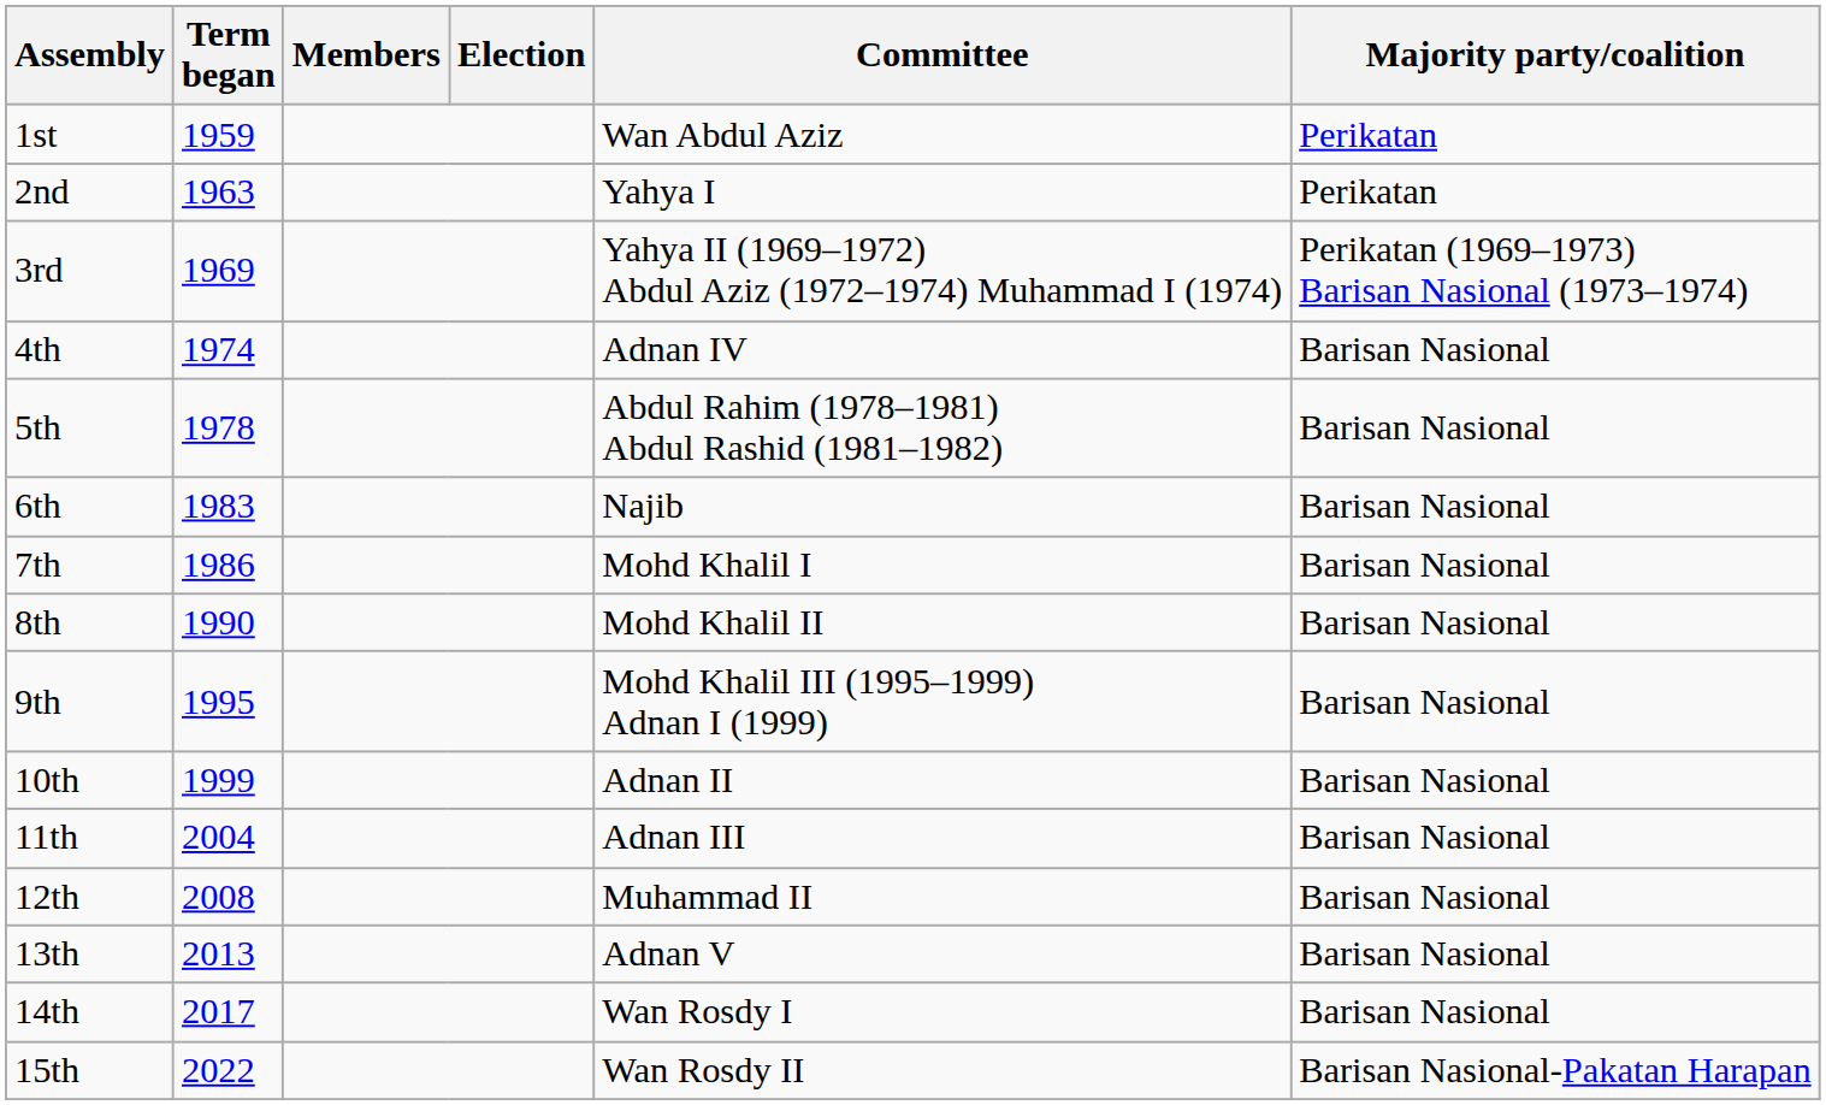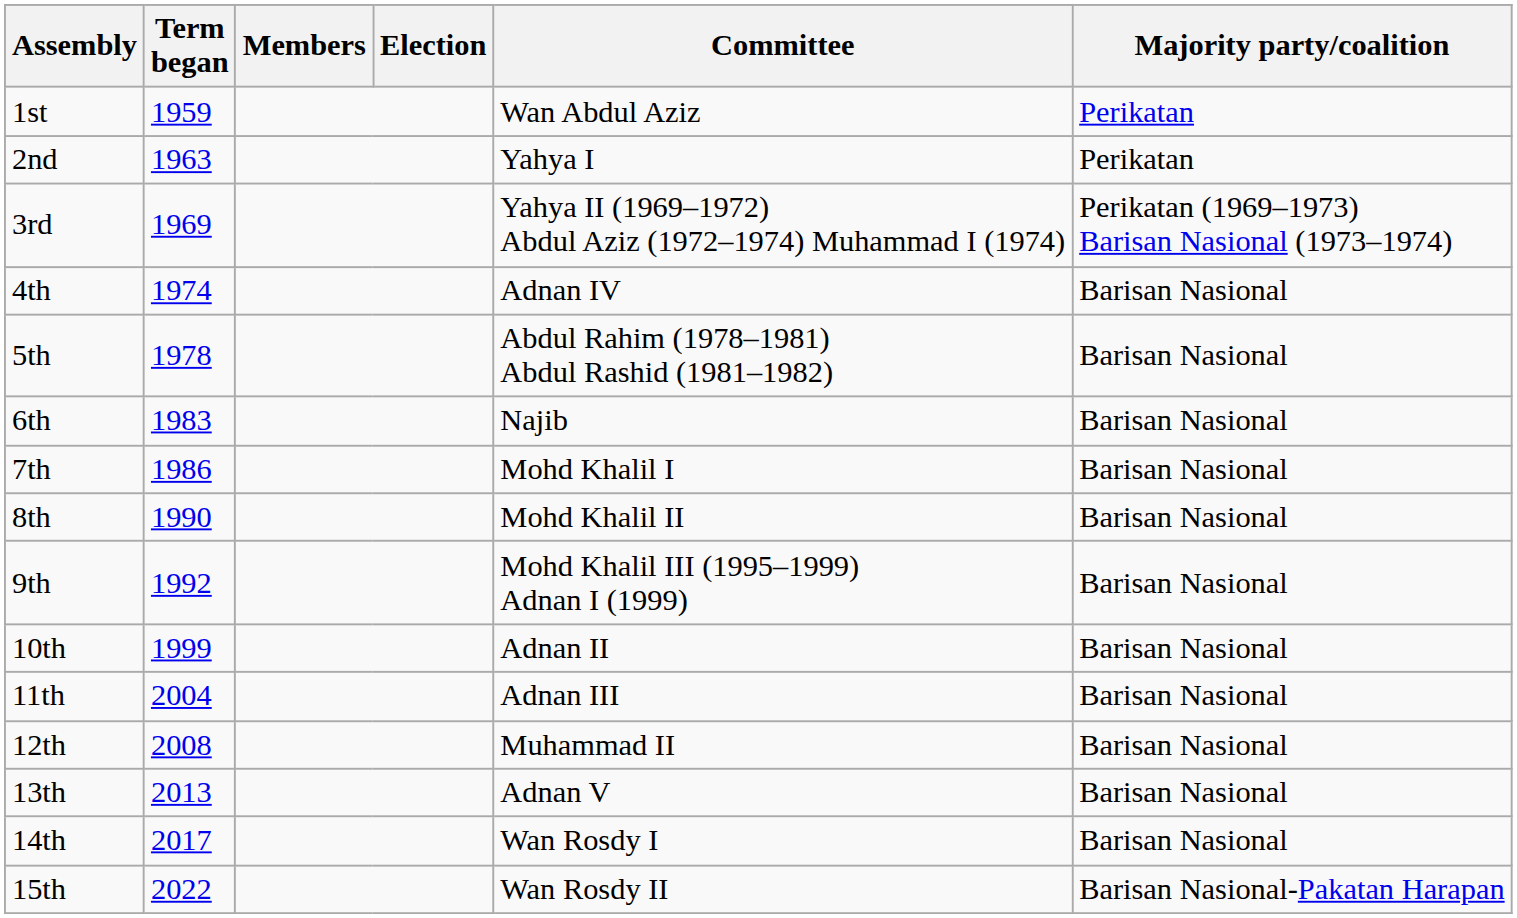 <table class="wikitable">
 <tr>
 <th>Assembly</th>
 <th>Term<br>began</th>
 <th>Members</th>
 <th>Election</th>
 <th>Committee</th>
 <th>Majority party/coalition</th>
 </tr>
 <tr>
 <td>1st</td>
 <td><a href='#'>1959</a></td>
 <td colspan="2"></td>
 <td>Wan Abdul Aziz</td>
 <td><a href='#'>Perikatan</a></td>
 </tr>
 <tr>
 <td>2nd</td>
 <td><a href='#'>1963</a></td>
 <td colspan="2"></td>
 <td>Yahya I</td>
 <td>Perikatan</td>
 </tr>
 <tr>
 <td>3rd</td>
 <td><a href='#'>1969</a></td>
 <td colspan="2"></td>
 <td>Yahya II (1969–1972)<br>Abdul Aziz (1972–1974) Muhammad I (1974)</td>
 <td>Perikatan (1969–1973)<br><a href='#'>Barisan Nasional</a> (1973–1974)</td>
 </tr>
 <tr>
 <td>4th</td>
 <td><a href='#'>1974</a></td>
 <td colspan="2"></td>
 <td>Adnan IV</td>
 <td>Barisan Nasional</td>
 </tr>
 <tr>
 <td>5th</td>
 <td><a href='#'>1978</a></td>
 <td colspan="2"></td>
 <td>Abdul Rahim (1978–1981)<br>Abdul Rashid (1981–1982)</td>
 <td>Barisan Nasional</td>
 </tr>
 <tr>
 <td>6th</td>
 <td><a href='#'>1983</a></td>
 <td colspan="2"></td>
 <td>Najib</td>
 <td>Barisan Nasional</td>
 </tr>
 <tr>
 <td>7th</td>
 <td><a href='#'>1986</a></td>
 <td colspan="2"></td>
 <td>Mohd Khalil I</td>
 <td>Barisan Nasional</td>
 </tr>
 <tr>
 <td>8th</td>
 <td><a href='#'>1990</a></td>
 <td colspan="2"></td>
 <td>Mohd Khalil II</td>
 <td>Barisan Nasional</td>
 </tr>
 <tr>
 <td>9th</td>
-<td><a href='#'>1995</a></td>
+<td><a href='#'>1992</a></td>
 <td colspan="2"></td>
 <td>Mohd Khalil III (1995–1999)<br>Adnan I (1999)</td>
 <td>Barisan Nasional</td>
 </tr>
 <tr>
 <td>10th</td>
 <td><a href='#'>1999</a></td>
 <td colspan="2"></td>
 <td>Adnan II</td>
 <td>Barisan Nasional</td>
 </tr>
 <tr>
 <td>11th</td>
 <td><a href='#'>2004</a></td>
 <td colspan="2"></td>
 <td>Adnan III</td>
 <td>Barisan Nasional</td>
 </tr>
 <tr>
 <td>12th</td>
 <td><a href='#'>2008</a></td>
 <td colspan="2"></td>
 <td>Muhammad II</td>
 <td>Barisan Nasional</td>
 </tr>
 <tr>
 <td>13th</td>
 <td><a href='#'>2013</a></td>
 <td colspan="2"></td>
 <td>Adnan V</td>
 <td>Barisan Nasional</td>
 </tr>
 <tr>
 <td>14th</td>
 <td><a href='#'>2017</a></td>
 <td colspan="2"></td>
 <td>Wan Rosdy I</td>
 <td>Barisan Nasional</td>
 </tr>
 <tr>
 <td>15th</td>
 <td><a href='#'>2022</a></td>
 <td colspan="2"></td>
 <td>Wan Rosdy II</td>
 <td>Barisan Nasional-<a href='#'>Pakatan Harapan</a></td>
 </tr>
 </table>
